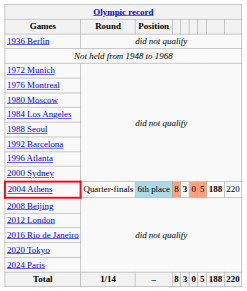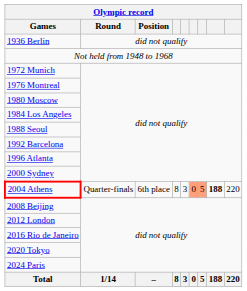 <table class="wikitable" style="text-align:center; font-size:90%;">
 <tr>
 <th colspan=9><a href='#'>Olympic record</a></th>
 </tr>
 <tr>
 <th>Games</th>
 <th>Round</th>
 <th>Position</th>
 <th></th>
 <th></th>
 <th></th>
 <th></th>
 <th></th>
 <th></th>
 </tr>
 <tr>
 <td align=left> <a href='#'>1936 Berlin</a></td>
 <td colspan=8><em>did not qualify</em></td>
 </tr>
 <tr>
 <td colspan=9><em>Not held from 1948 to 1968</em></td>
 </tr>
 <tr>
 <td align=left> <a href='#'>1972 Munich</a></td>
 <td rowspan=8 colspan=8><em>did not qualify</em></td>
 </tr>
 <tr>
 <td align=left> <a href='#'>1976 Montreal</a></td>
 </tr>
 <tr>
 <td align=left> <a href='#'>1980 Moscow</a></td>
 </tr>
 <tr>
 <td align=left> <a href='#'>1984 Los Angeles</a></td>
 </tr>
 <tr>
 <td align=left> <a href='#'>1988 Seoul</a></td>
 </tr>
 <tr>
 <td align=left> <a href='#'>1992 Barcelona</a></td>
 </tr>
 <tr>
 <td align=left> <a href='#'>1996 Atlanta</a></td>
 </tr>
 <tr>
 <td align=left> <a href='#'>2000 Sydney</a></td>
 </tr>
 <tr>
 <td align=left style="border: 3px solid red"> <a href='#'>2004 Athens</a></td>
 <td>Quarter-finals</td>
-<td style="background: lightblue;">6th place</td>
-<td style="background: lightsalmon;">8</td>
-<td><strong>3</strong></td>
+<td>6th place</td>
+<td>8</td>
+<td>3</td>
 <td style="background: lightsalmon;">0</td>
 <td style="background: lightsalmon;">5</td>
 <td><strong>188</strong></td>
 <td>220</td>
 </tr>
 <tr>
 <td align=left> <a href='#'>2008 Beijing</a></td>
 <td rowspan=5 colspan=8><em>did not qualify</em></td>
 </tr>
 <tr>
 <td align=left> <a href='#'>2012 London</a></td>
 </tr>
 <tr>
 <td align=left> <a href='#'>2016 Rio de Janeiro</a></td>
 </tr>
 <tr>
 <td align=left> <a href='#'>2020 Tokyo</a></td>
 </tr>
 <tr>
 <td align=left> <a href='#'>2024 Paris</a></td>
 </tr>
 <tr>
 <th>Total</th>
 <th>1/14</th>
 <th>–</th>
 <th>8</th>
 <th>3</th>
 <th>0</th>
 <th>5</th>
 <th>188</th>
 <th>220</th>
 </tr>
 </table>
